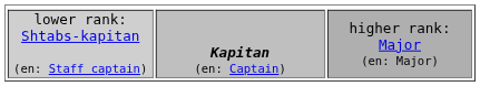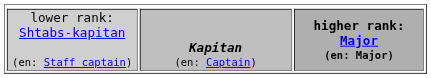 <table class="wikipedia sortable" border="1">
 <tr>
 </tr>
 <tr>
 <td width="30%" align="center" style="background:#cfcfcf;">lower rank:<br><a href='#'>Shtabs-kapitan</a><br><br><small>(en: <a href='#'>Staff captain</a>)</small></td>
 <td width="35%" align="center"  style="background:#bfbfbf;"><br> <br><strong><em>Kapitan</em></strong><br><small>(en: <a href='#'>Captain</a>)</small></td>
-<td width="30%" align="center" style="background:#afafaf;">higher rank:<br><a href='#'>Major</a><br><small>(en: Major)</small></td>
+<td width="30%" align="center" style="background:#afafaf;"><strong>higher rank:<br><a href='#'>Major</a><br><small>(en: Major)</small></strong></td>
 </tr>
 </table>
